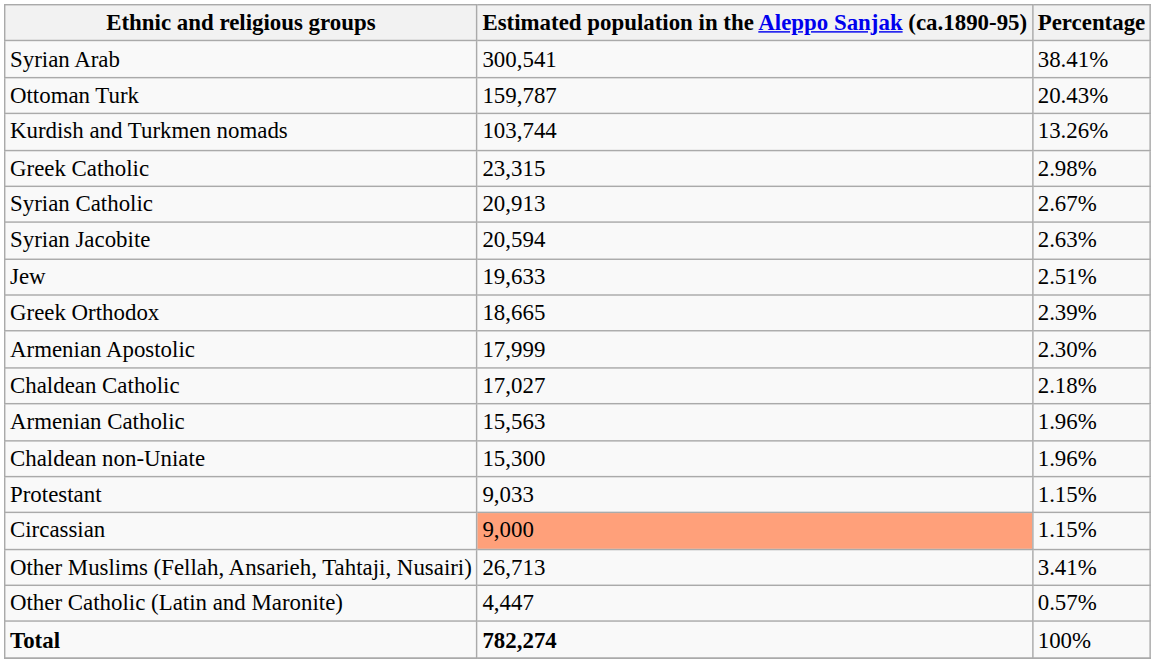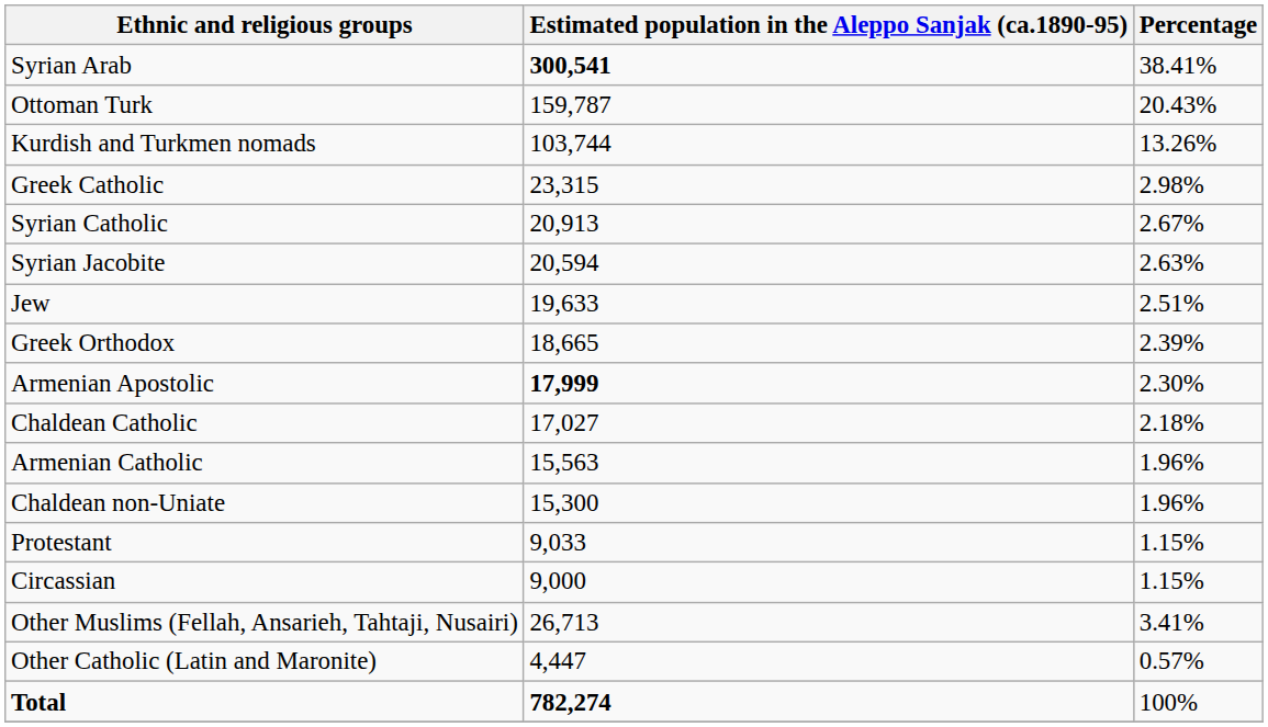 <table class="wikitable sortable">
 <tr>
 <th>Ethnic and religious groups</th>
 <th>Estimated population in the <a href='#'>Aleppo Sanjak</a> (ca.1890-95)</th>
 <th>Percentage</th>
 </tr>
 <tr>
 <td>Syrian Arab</td>
-<td>300,541</td>
+<td><strong>300,541</strong></td>
 <td>38.41%</td>
 </tr>
 <tr>
 <td>Ottoman Turk</td>
 <td>159,787</td>
 <td>20.43%</td>
 </tr>
 <tr>
 <td>Kurdish and Turkmen nomads</td>
 <td>103,744</td>
 <td>13.26%</td>
 </tr>
 <tr>
 <td>Greek Catholic</td>
 <td>23,315</td>
 <td>2.98%</td>
 </tr>
 <tr>
 <td>Syrian Catholic</td>
 <td>20,913</td>
 <td>2.67%</td>
 </tr>
 <tr>
 <td>Syrian Jacobite</td>
 <td>20,594</td>
 <td>2.63%</td>
 </tr>
 <tr>
 <td>Jew</td>
 <td>19,633</td>
 <td>2.51%</td>
 </tr>
 <tr>
 <td>Greek Orthodox</td>
 <td>18,665</td>
 <td>2.39%</td>
 </tr>
 <tr>
 <td>Armenian Apostolic</td>
-<td>17,999</td>
+<td><strong>17,999</strong></td>
 <td>2.30%</td>
 </tr>
 <tr>
 <td>Chaldean Catholic</td>
 <td>17,027</td>
 <td>2.18%</td>
 </tr>
 <tr>
 <td>Armenian Catholic</td>
 <td>15,563</td>
 <td>1.96%</td>
 </tr>
 <tr>
 <td>Chaldean non-Uniate</td>
 <td>15,300</td>
 <td>1.96%</td>
 </tr>
 <tr>
 <td>Protestant</td>
 <td>9,033</td>
 <td>1.15%</td>
 </tr>
 <tr>
 <td>Circassian</td>
-<td style="background: lightsalmon;">9,000</td>
+<td>9,000</td>
 <td>1.15%</td>
 </tr>
 <tr>
 <td>Other Muslims (Fellah, Ansarieh, Tahtaji, Nusairi)</td>
 <td>26,713</td>
 <td>3.41%</td>
 </tr>
 <tr>
 <td>Other Catholic (Latin and Maronite)</td>
 <td>4,447</td>
 <td>0.57%</td>
 </tr>
 <tr>
 <td><strong>Total</strong></td>
 <td><strong>782,274</strong></td>
 <td>100%</td>
 </tr>
 <tr>
 </tr>
 </table>
